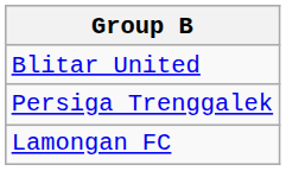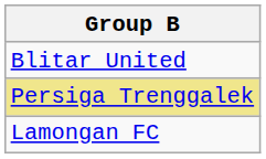 <table class="wikitable">
 <tr>
 <th><strong>Group B</strong></th>
 </tr>
 <tr>
 <td><a href='#'>Blitar United</a></td>
 </tr>
 <tr>
-<td><a href='#'>Persiga Trenggalek</a></td>
+<td style="background: khaki;"><a href='#'>Persiga Trenggalek</a></td>
 </tr>
 <tr>
 <td><a href='#'>Lamongan FC</a></td>
 </tr>
 </table>
